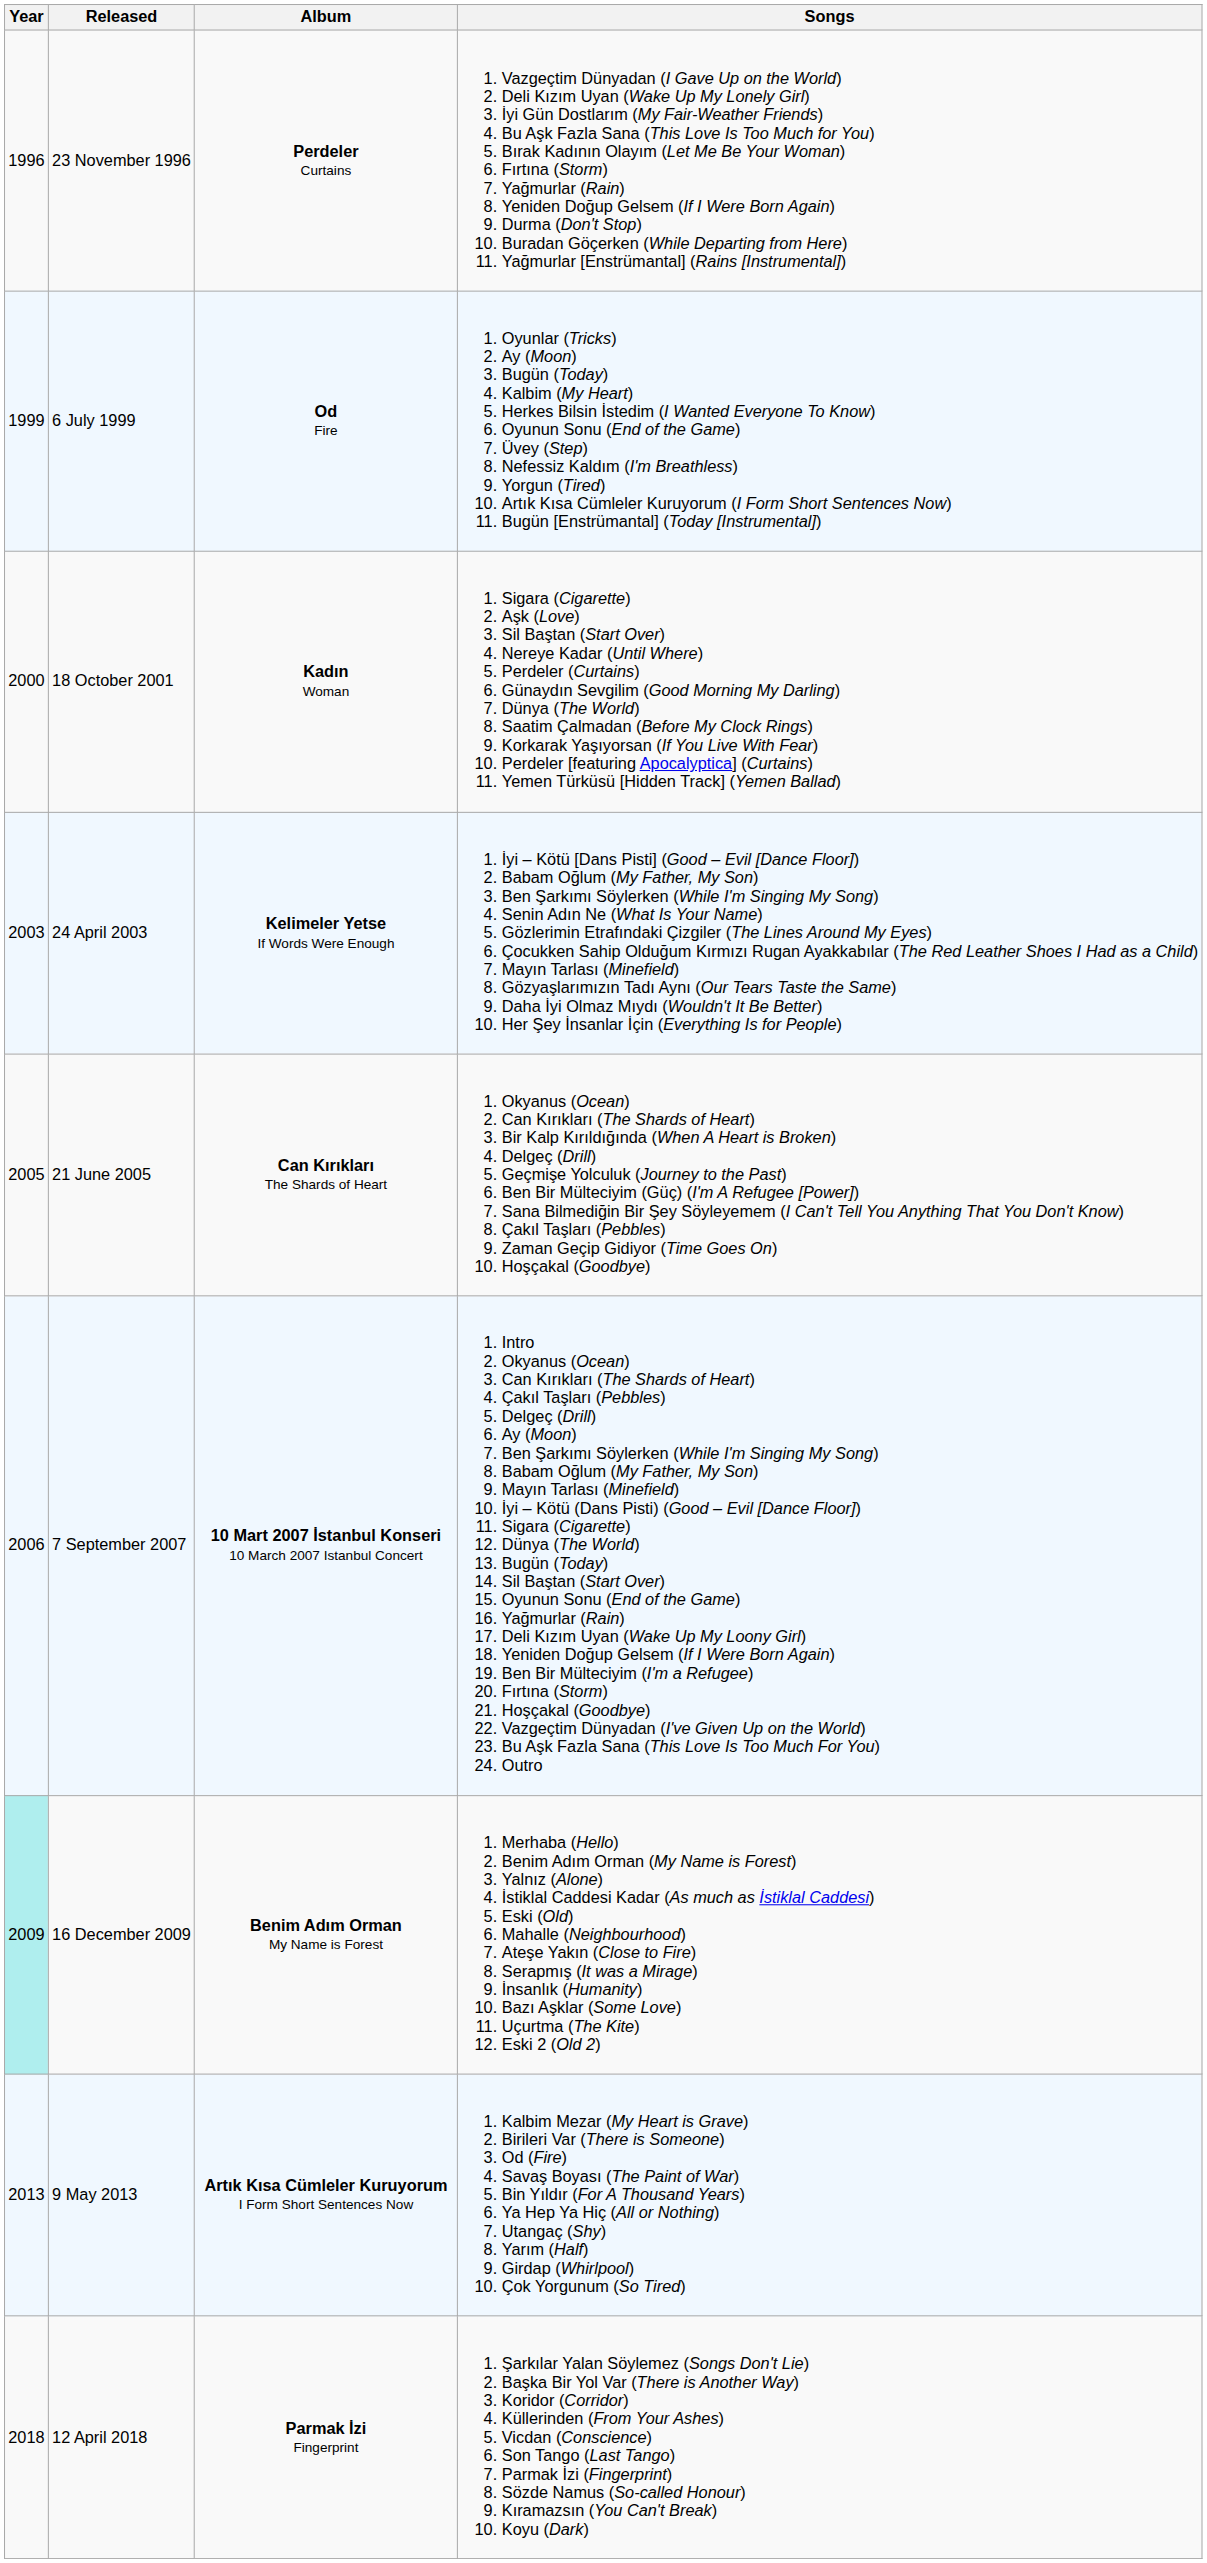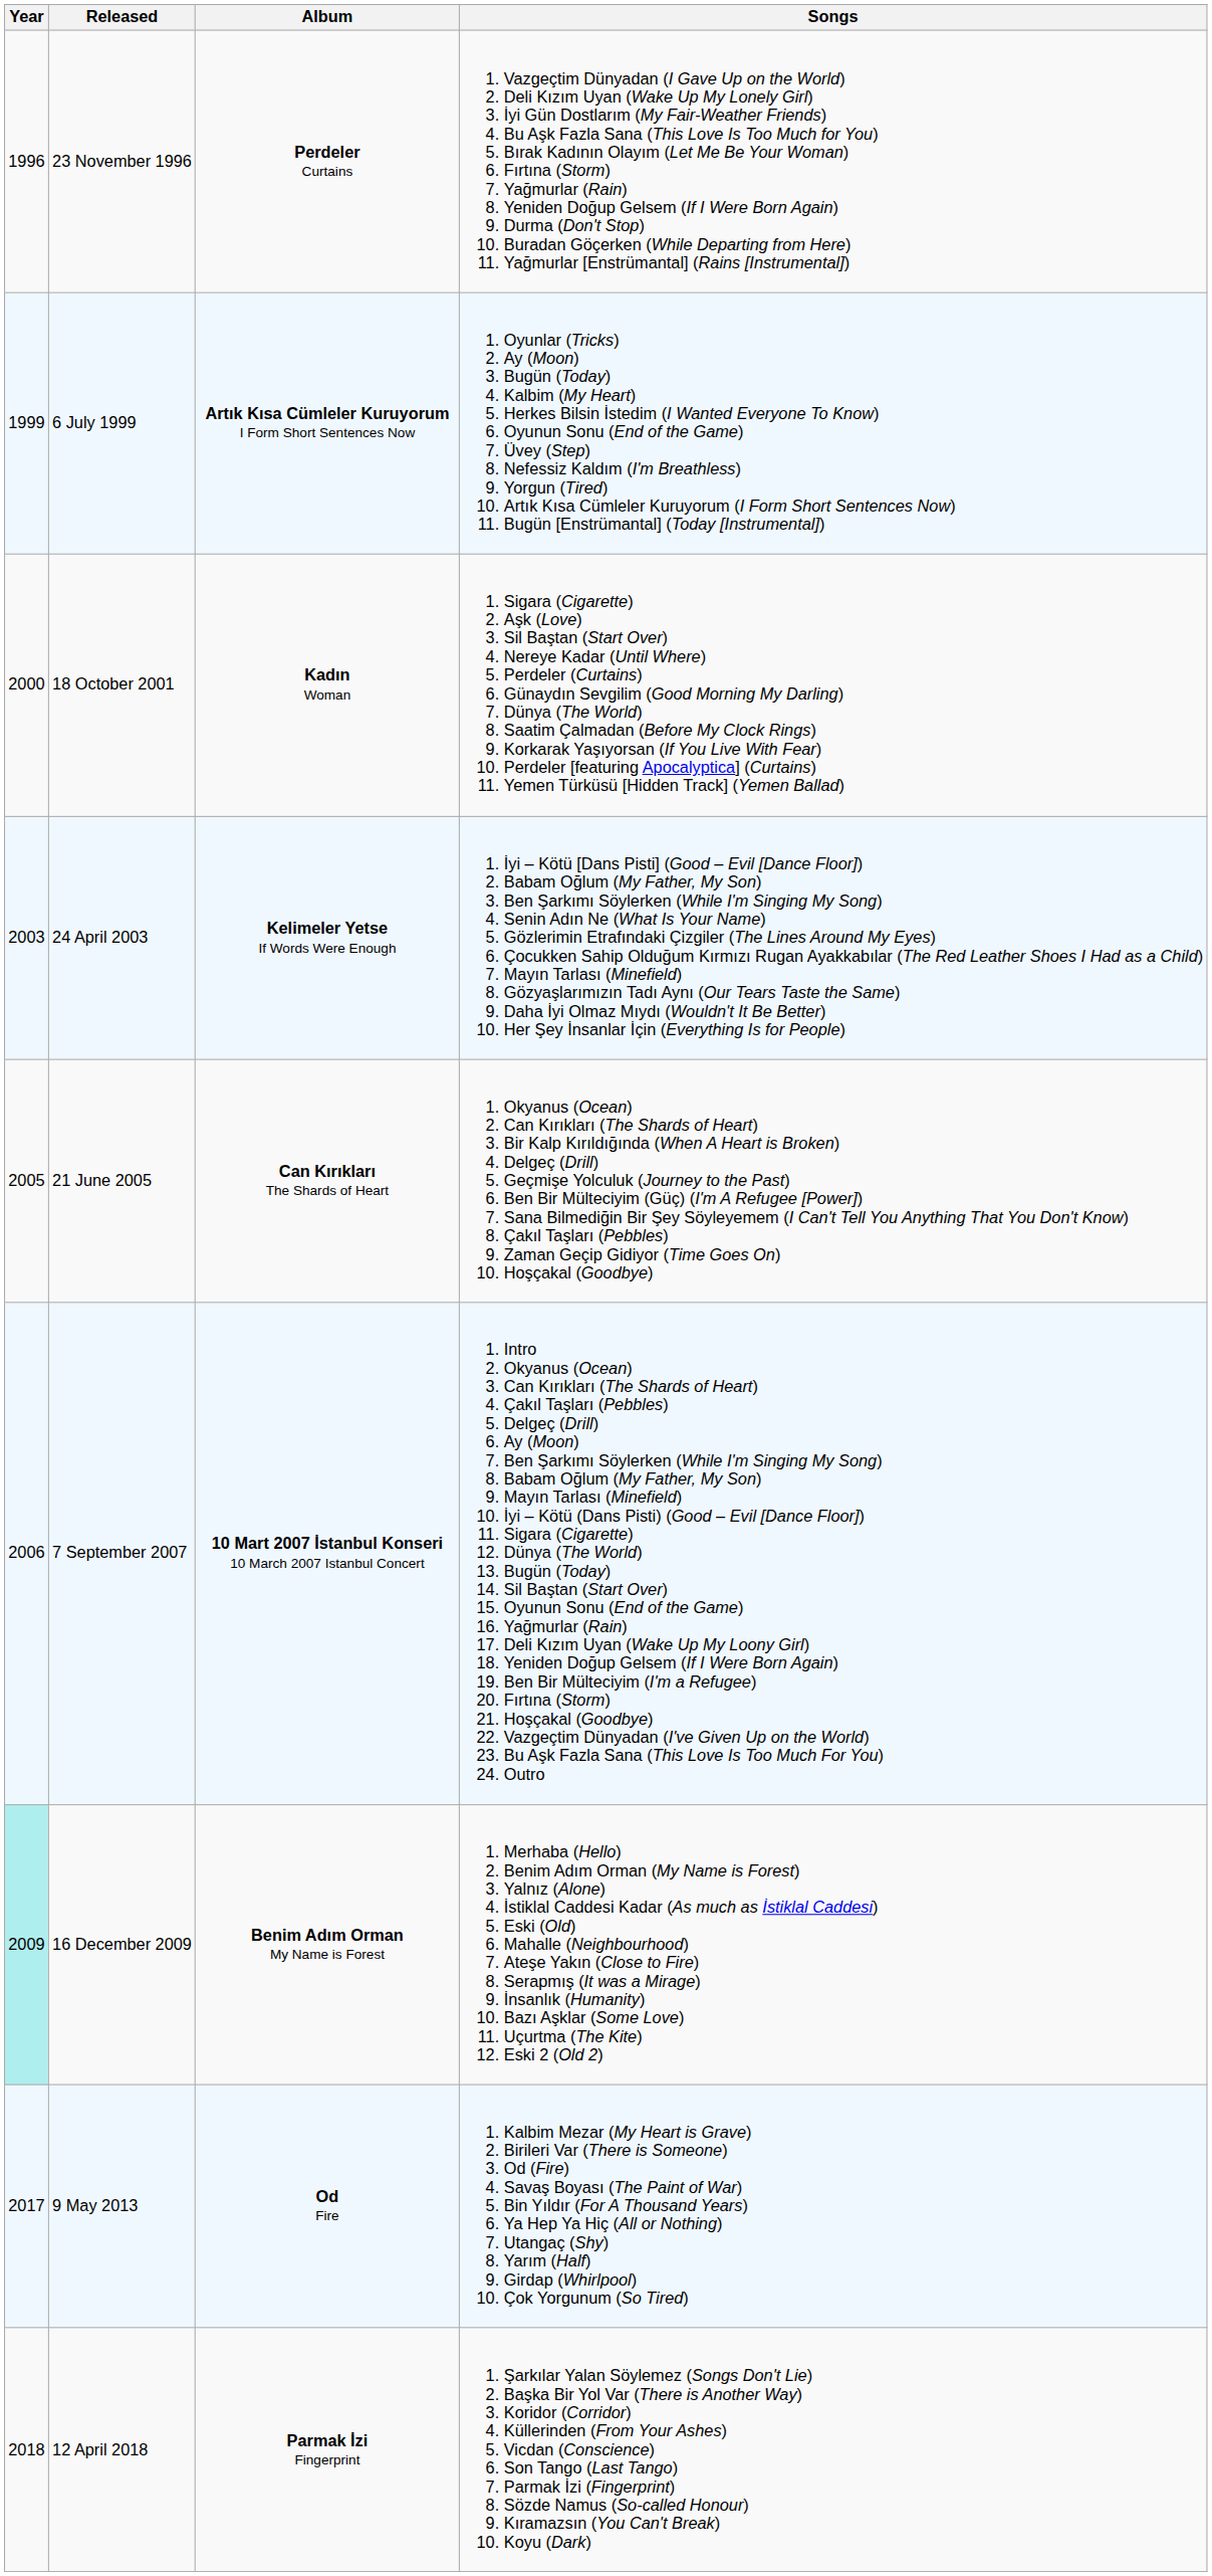 <table class="wikitable">
 <tr>
 <th align="left">Year</th>
 <th align="left">Released</th>
 <th align="left" width="250">Album</th>
 <th align="left">Songs</th>
 </tr>
 <tr>
 <td>1996</td>
 <td>23 November 1996</td>
 <td align="center"><strong>Perdeler</strong><br><small>Curtains</small></td>
 <td align="left"><br><ol><li>Vazgeçtim Dünyadan (<em>I Gave Up on the World</em>)</li><li>Deli Kızım Uyan (<em>Wake Up My Lonely Girl</em>)</li><li>İyi Gün Dostlarım (<em>My Fair-Weather Friends</em>)</li><li>Bu Aşk Fazla Sana (<em>This Love Is Too Much for You</em>)</li><li>Bırak Kadının Olayım (<em>Let Me Be Your Woman</em>)</li><li>Fırtına (<em>Storm</em>)</li><li>Yağmurlar (<em>Rain</em>)</li><li>Yeniden Doğup Gelsem (<em>If I Were Born Again</em>)</li><li>Durma (<em>Don't Stop</em>)</li><li>Buradan Göçerken (<em>While Departing from Here</em>)</li><li>Yağmurlar [Enstrümantal] (<em>Rains [Instrumental]</em>)</li></ol></td>
 </tr>
 <tr bgcolor="#F0F8FF">
 <td>1999</td>
 <td>6 July 1999</td>
-<td align="center"><strong>Od</strong><br><small>Fire</small><br></td>
+<td align="center"><strong>Artık Kısa Cümleler Kuruyorum</strong><br><small>I Form Short Sentences Now</small></td>
 <td align="left"><br><ol><li>Oyunlar (<em>Tricks</em>)</li><li>Ay (<em>Moon</em>)</li><li>Bugün (<em>Today</em>)</li><li>Kalbim (<em>My Heart</em>)</li><li>Herkes Bilsin İstedim (<em>I Wanted Everyone To Know</em>)</li><li>Oyunun Sonu (<em>End of the Game</em>)</li><li>Üvey (<em>Step</em>)</li><li>Nefessiz Kaldım (<em>I'm Breathless</em>)</li><li>Yorgun (<em>Tired</em>)</li><li>Artık Kısa Cümleler Kuruyorum (<em>I Form Short Sentences Now</em>)</li><li>Bugün [Enstrümantal] (<em>Today [Instrumental]</em>)</li></ol></td>
 </tr>
 <tr>
 <td>2000</td>
 <td>18 October 2001</td>
 <td align="center"><strong>Kadın</strong><br><small>Woman</small></td>
 <td align="left"><br><ol><li>Sigara (<em>Cigarette</em>)</li><li>Aşk (<em>Love</em>)</li><li>Sil Baştan (<em>Start Over</em>)</li><li>Nereye Kadar (<em>Until Where</em>)</li><li>Perdeler (<em>Curtains</em>)</li><li>Günaydın Sevgilim (<em>Good Morning My Darling</em>)</li><li>Dünya (<em>The World</em>)</li><li>Saatim Çalmadan (<em>Before My Clock Rings</em>)</li><li>Korkarak Yaşıyorsan (<em>If You Live With Fear</em>)</li><li>Perdeler [featuring <a href='#'>Apocalyptica</a>] (<em>Curtains</em>)</li><li>Yemen Türküsü [Hidden Track] (<em>Yemen Ballad</em>)</li></ol></td>
 </tr>
 <tr bgcolor="#F0F8FF">
 <td>2003</td>
 <td>24 April 2003</td>
 <td align="center"><strong>Kelimeler Yetse</strong><br><small>If Words Were Enough</small></td>
 <td align="left"><br><ol><li>İyi – Kötü [Dans Pisti] (<em>Good – Evil [Dance Floor]</em>)</li><li>Babam Oğlum (<em>My Father, My Son</em>)</li><li>Ben Şarkımı Söylerken (<em>While I'm Singing My Song</em>)</li><li>Senin Adın Ne (<em>What Is Your Name</em>)</li><li>Gözlerimin Etrafındaki Çizgiler (<em>The Lines Around My Eyes</em>)</li><li>Çocukken Sahip Olduğum Kırmızı Rugan Ayakkabılar (<em>The Red Leather Shoes I Had as a Child</em>)</li><li>Mayın Tarlası (<em>Minefield</em>)</li><li>Gözyaşlarımızın Tadı Aynı (<em>Our Tears Taste the Same</em>)</li><li>Daha İyi Olmaz Mıydı (<em>Wouldn't It Be Better</em>)</li><li>Her Şey İnsanlar İçin (<em>Everything Is for People</em>)</li></ol></td>
 </tr>
 <tr>
 <td>2005</td>
 <td>21 June 2005</td>
 <td align="center"><strong>Can Kırıkları</strong><br><small>The Shards of Heart</small></td>
 <td align="left"><br><ol><li>Okyanus (<em>Ocean</em>)</li><li>Can Kırıkları (<em>The Shards of Heart</em>)</li><li>Bir Kalp Kırıldığında (<em>When A Heart is Broken</em>)</li><li>Delgeç (<em>Drill</em>)</li><li>Geçmişe Yolculuk (<em>Journey to the Past</em>)</li><li>Ben Bir Mülteciyim (Güç) (<em>I'm A Refugee [Power]</em>)</li><li>Sana Bilmediğin Bir Şey Söyleyemem (<em>I Can't Tell You Anything That You Don't Know</em>)</li><li>Çakıl Taşları (<em>Pebbles</em>)</li><li>Zaman Geçip Gidiyor (<em>Time Goes On</em>)</li><li>Hoşçakal (<em>Goodbye</em>)</li></ol></td>
 </tr>
 <tr bgcolor="#F0F8FF">
 <td>2006</td>
 <td>7 September 2007</td>
 <td align="center"><strong>10 Mart 2007 İstanbul Konseri</strong><br><small>10 March 2007 Istanbul Concert</small></td>
 <td align="left"><br><ol><li>Intro</li><li>Okyanus (<em>Ocean</em>)</li><li>Can Kırıkları (<em>The Shards of Heart</em>)</li><li>Çakıl Taşları (<em>Pebbles</em>)</li><li>Delgeç (<em>Drill</em>)</li><li>Ay (<em>Moon</em>)</li><li>Ben Şarkımı Söylerken (<em>While I'm Singing My Song</em>)</li><li>Babam Oğlum (<em>My Father, My Son</em>)</li><li>Mayın Tarlası (<em>Minefield</em>)</li><li>İyi – Kötü (Dans Pisti) (<em>Good – Evil [Dance Floor]</em>)</li><li>Sigara (<em>Cigarette</em>)</li><li>Dünya (<em>The World</em>)</li><li>Bugün (<em>Today</em>)</li><li>Sil Baştan (<em>Start Over</em>)</li><li>Oyunun Sonu (<em>End of the Game</em>)</li><li>Yağmurlar (<em>Rain</em>)</li><li>Deli Kızım Uyan (<em>Wake Up My Loony Girl</em>)</li><li>Yeniden Doğup Gelsem (<em>If I Were Born Again</em>)</li><li>Ben Bir Mülteciyim (<em>I'm a Refugee</em>)</li><li>Fırtına (<em>Storm</em>)</li><li>Hoşçakal (<em>Goodbye</em>)</li><li>Vazgeçtim Dünyadan (<em>I've Given Up on the World</em>)</li><li>Bu Aşk Fazla Sana (<em>This Love Is Too Much For You</em>)</li><li>Outro</li></ol></td>
 </tr>
 <tr>
 <td style="background: paleturquoise;">2009</td>
 <td>16 December 2009</td>
 <td align="center"><strong>Benim Adım Orman</strong><br><small>My Name is Forest</small></td>
 <td align="left"><br><ol><li>Merhaba (<em>Hello</em>)</li><li>Benim Adım Orman (<em>My Name is Forest</em>)</li><li>Yalnız (<em>Alone</em>)</li><li>İstiklal Caddesi Kadar (<em>As much as <a href='#'>İstiklal Caddesi</a></em>)</li><li>Eski (<em>Old</em>)</li><li>Mahalle (<em>Neighbourhood</em>)</li><li>Ateşe Yakın (<em>Close to Fire</em>)</li><li>Serapmış (<em>It was a Mirage</em>)</li><li>İnsanlık (<em>Humanity</em>)</li><li>Bazı Aşklar (<em>Some Love</em>)</li><li>Uçurtma (<em>The Kite</em>)</li><li>Eski 2 (<em>Old 2</em>)</li></ol></td>
 </tr>
 <tr bgcolor="#F0F8FF">
-<td>2013</td>
+<td>2017</td>
 <td>9 May 2013</td>
-<td align="center"><strong>Artık Kısa Cümleler Kuruyorum</strong><br><small>I Form Short Sentences Now</small></td>
+<td align="center"><strong>Od</strong><br><small>Fire</small><br></td>
 <td align="left"><br><ol><li>Kalbim Mezar (<em>My Heart is Grave</em>)</li><li>Birileri Var (<em>There is Someone</em>)</li><li>Od (<em>Fire</em>)</li><li>Savaş Boyası (<em>The Paint of War</em>)</li><li>Bin Yıldır (<em>For A Thousand Years</em>)</li><li>Ya Hep Ya Hiç (<em>All or Nothing</em>)</li><li>Utangaç (<em>Shy</em>)</li><li>Yarım (<em>Half</em>)</li><li>Girdap (<em>Whirlpool</em>)</li><li>Çok Yorgunum (<em>So Tired</em>)</li></ol></td>
 </tr>
 <tr>
 <td>2018</td>
 <td>12 April 2018</td>
 <td align="center"><strong>Parmak İzi</strong><br><small>Fingerprint</small></td>
 <td align="left"><br><ol><li>Şarkılar Yalan Söylemez (<em>Songs Don't Lie</em>)</li><li>Başka Bir Yol Var (<em>There is Another Way</em>)</li><li>Koridor (<em>Corridor</em>)</li><li>Küllerinden (<em>From Your Ashes</em>)</li><li>Vicdan (<em>Conscience</em>)</li><li>Son Tango (<em>Last Tango</em>)</li><li>Parmak İzi (<em>Fingerprint</em>)</li><li>Sözde Namus (<em>So-called Honour</em>)</li><li>Kıramazsın (<em>You Can't Break</em>)</li><li>Koyu (<em>Dark</em>)</li></ol></td>
 </tr>
 </table>
